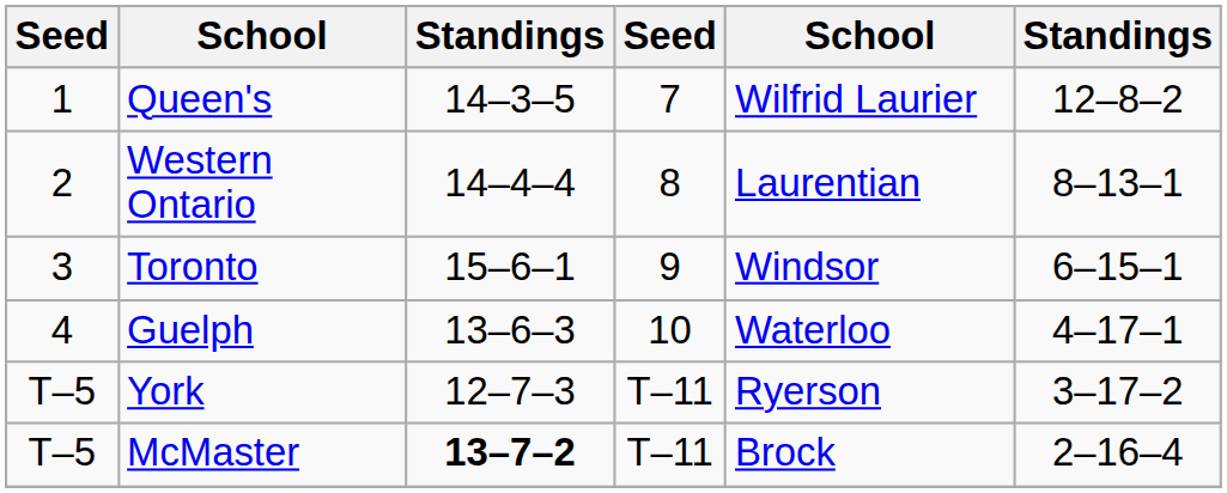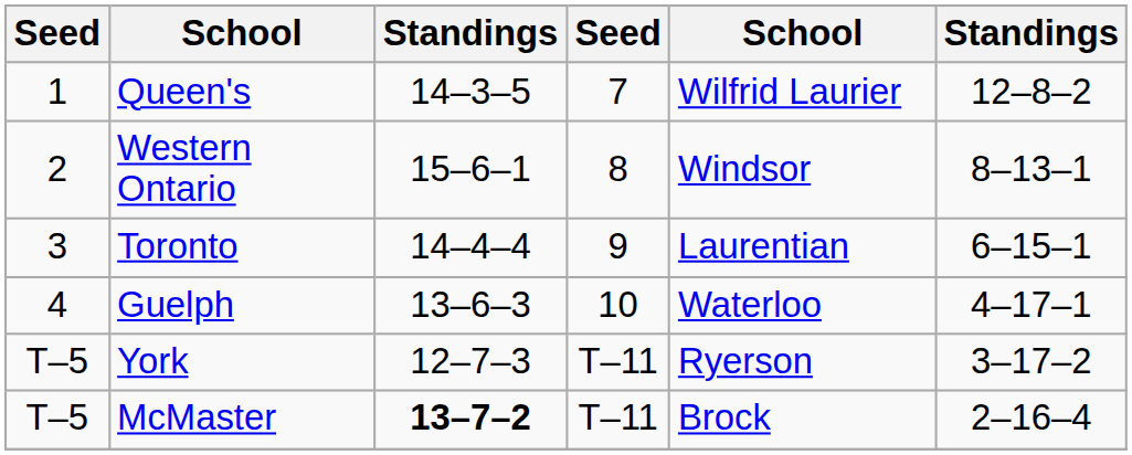 <table class="wikitable">
 <tr>
 <th>Seed</th>
 <th style="width:110px">School</th>
 <th>Standings</th>
 <th>Seed</th>
 <th style="width:110px">School</th>
 <th>Standings</th>
 </tr>
 <tr>
 <td align=center>1</td>
 <td><a href='#'>Queen's</a></td>
 <td align=center>14–3–5</td>
 <td align=center>7</td>
 <td><a href='#'>Wilfrid Laurier</a></td>
 <td align=center>12–8–2</td>
 </tr>
 <tr>
 <td align=center>2</td>
 <td><a href='#'>Western Ontario</a></td>
-<td align=center>14–4–4</td>
+<td align=center>15–6–1</td>
 <td align=center>8</td>
-<td><a href='#'>Laurentian</a></td>
+<td><a href='#'>Windsor</a></td>
 <td align=center>8–13–1</td>
 </tr>
 <tr>
 <td align=center>3</td>
 <td><a href='#'>Toronto</a></td>
-<td align=center>15–6–1</td>
+<td align=center>14–4–4</td>
 <td align=center>9</td>
-<td><a href='#'>Windsor</a></td>
+<td><a href='#'>Laurentian</a></td>
 <td align=center>6–15–1</td>
 </tr>
 <tr>
 <td align=center>4</td>
 <td><a href='#'>Guelph</a></td>
 <td align=center>13–6–3</td>
 <td align=center>10</td>
 <td><a href='#'>Waterloo</a></td>
 <td align=center>4–17–1</td>
 </tr>
 <tr>
 <td align=center>T–5</td>
 <td><a href='#'>York</a></td>
 <td align=center>12–7–3</td>
 <td align=center>T–11</td>
 <td><a href='#'>Ryerson</a></td>
 <td align=center>3–17–2</td>
 </tr>
 <tr>
 <td align=center>T–5</td>
 <td><a href='#'>McMaster</a></td>
 <td align=center><strong>13–7–2</strong></td>
 <td align=center>T–11</td>
 <td><a href='#'>Brock</a></td>
 <td align=center>2–16–4</td>
 </tr>
 <tr>
 </tr>
 </table>
